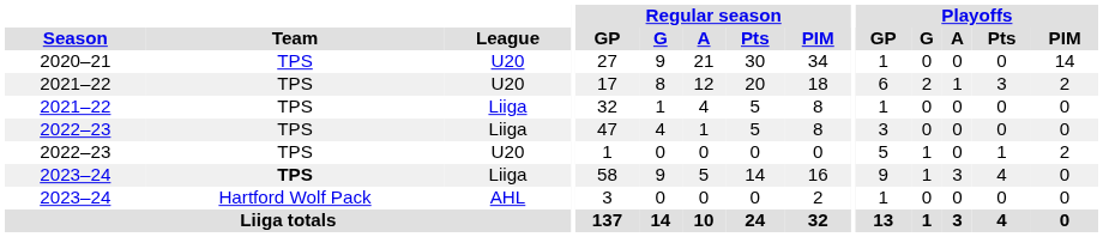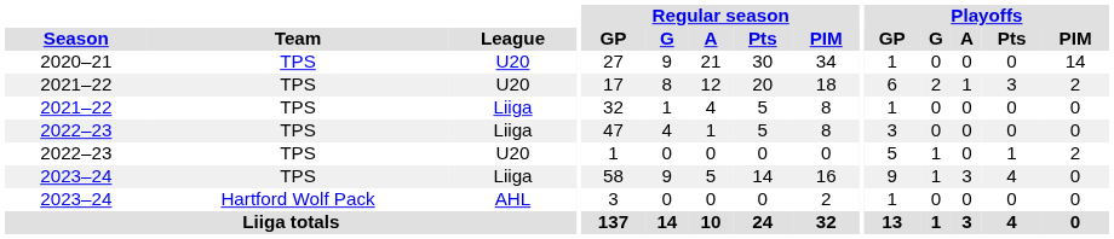 <table border="0" cellpadding="1" cellspacing="0" style="text-align:center; width:60em;">
 <tr bgcolor="#e0e0e0">
 <th colspan="3" bgcolor="#ffffff"></th>
 <th rowspan="99" bgcolor="#ffffff"></th>
 <th colspan="5"><a href='#'>Regular season</a></th>
 <th rowspan="99" bgcolor="#ffffff"></th>
 <th colspan="5"><a href='#'>Playoffs</a></th>
 </tr>
 <tr bgcolor="#e0e0e0">
 <th><a href='#'>Season</a></th>
 <th>Team</th>
 <th>League</th>
 <th>GP</th>
 <th><a href='#'>G</a></th>
 <th><a href='#'>A</a></th>
 <th><a href='#'>Pts</a></th>
 <th><a href='#'>PIM</a></th>
 <th>GP</th>
 <th>G</th>
 <th>A</th>
 <th>Pts</th>
 <th>PIM</th>
 </tr>
 <tr>
 <td>2020–21</td>
 <td><a href='#'>TPS</a></td>
 <td><a href='#'>U20</a></td>
 <td>27</td>
 <td>9</td>
 <td>21</td>
 <td>30</td>
 <td>34</td>
 <td>1</td>
 <td>0</td>
 <td>0</td>
 <td>0</td>
 <td>14</td>
 </tr>
 <tr bgcolor="#f0f0f0">
 <td>2021–22</td>
 <td>TPS</td>
 <td>U20</td>
 <td>17</td>
 <td>8</td>
 <td>12</td>
 <td>20</td>
 <td>18</td>
 <td>6</td>
 <td>2</td>
 <td>1</td>
 <td>3</td>
 <td>2</td>
 </tr>
 <tr>
 <td><a href='#'>2021–22</a></td>
 <td>TPS</td>
 <td><a href='#'>Liiga</a></td>
 <td>32</td>
 <td>1</td>
 <td>4</td>
 <td>5</td>
 <td>8</td>
 <td>1</td>
 <td>0</td>
 <td>0</td>
 <td>0</td>
 <td>0</td>
 </tr>
 <tr bgcolor="#f0f0f0">
 <td><a href='#'>2022–23</a></td>
 <td>TPS</td>
 <td>Liiga</td>
 <td>47</td>
 <td>4</td>
 <td>1</td>
 <td>5</td>
 <td>8</td>
 <td>3</td>
 <td>0</td>
 <td>0</td>
 <td>0</td>
 <td>0</td>
 </tr>
 <tr>
 <td>2022–23</td>
 <td>TPS</td>
 <td>U20</td>
 <td>1</td>
 <td>0</td>
 <td>0</td>
 <td>0</td>
 <td>0</td>
 <td>5</td>
 <td>1</td>
 <td>0</td>
 <td>1</td>
 <td>2</td>
 </tr>
 <tr bgcolor="#f0f0f0">
 <td><a href='#'>2023–24</a></td>
-<td><strong>TPS</strong></td>
+<td>TPS</td>
 <td>Liiga</td>
 <td>58</td>
 <td>9</td>
 <td>5</td>
 <td>14</td>
 <td>16</td>
 <td>9</td>
 <td>1</td>
 <td>3</td>
 <td>4</td>
 <td>0</td>
 </tr>
 <tr>
 <td><a href='#'>2023–24</a></td>
 <td><a href='#'>Hartford Wolf Pack</a></td>
 <td><a href='#'>AHL</a></td>
 <td>3</td>
 <td>0</td>
 <td>0</td>
 <td>0</td>
 <td>2</td>
 <td>1</td>
 <td>0</td>
 <td>0</td>
 <td>0</td>
 <td>0</td>
 </tr>
 <tr bgcolor="#e0e0e0">
 <th colspan="3">Liiga totals</th>
 <th>137</th>
 <th>14</th>
 <th>10</th>
 <th>24</th>
 <th>32</th>
 <th>13</th>
 <th>1</th>
 <th>3</th>
 <th>4</th>
 <th>0</th>
 </tr>
 </table>
